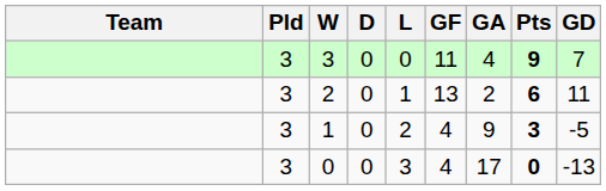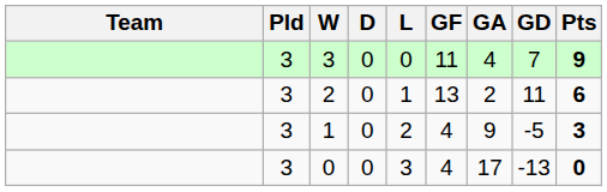 <table class="wikitable" style="text-align: center;">
 <tr>
 <th width="175">Team</th>
 <th width="20">Pld</th>
 <th width="20">W</th>
 <th width="20">D</th>
 <th width="20">L</th>
 <th width="20">GF</th>
 <th width="20">GA</th>
+<th width="20">GD</th>
 <th width="20">Pts</th>
-<th width="20">GD</th>
 </tr>
 <tr bgcolor="#ccffcc">
 <td style="text-align:left;"></td>
 <td>3</td>
 <td>3</td>
 <td>0</td>
 <td>0</td>
 <td>11</td>
 <td>4</td>
+<td>7</td>
 <td><strong>9</strong></td>
-<td>7</td>
 </tr>
 <tr align=center>
 <td style="text-align:left;"></td>
 <td>3</td>
 <td>2</td>
 <td>0</td>
 <td>1</td>
 <td>13</td>
 <td>2</td>
+<td>11</td>
 <td><strong>6</strong></td>
-<td>11</td>
 </tr>
 <tr align=center>
 <td style="text-align:left;"></td>
 <td>3</td>
 <td>1</td>
 <td>0</td>
 <td>2</td>
 <td>4</td>
 <td>9</td>
+<td>-5</td>
 <td><strong>3</strong></td>
-<td>-5</td>
 </tr>
 <tr align=center>
 <td style="text-align:left;"></td>
 <td>3</td>
 <td>0</td>
 <td>0</td>
 <td>3</td>
 <td>4</td>
 <td>17</td>
+<td>-13</td>
 <td><strong>0</strong></td>
-<td>-13</td>
 </tr>
 </table>
